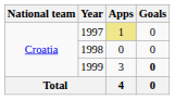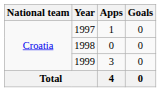 <table class="wikitable" style="text-align:center">
 <tr>
 <th>National team</th>
 <th>Year</th>
 <th>Apps</th>
 <th>Goals</th>
 </tr>
 <tr>
 <td rowspan="3"><a href='#'>Croatia</a></td>
 <td>1997</td>
-<td style="background: khaki;">1</td>
+<td>1</td>
 <td>0</td>
 </tr>
 <tr>
 <td>1998</td>
 <td>0</td>
 <td>0</td>
 </tr>
 <tr>
 <td>1999</td>
 <td>3</td>
-<td><strong>0</strong></td>
+<td>0</td>
 </tr>
 <tr>
 <th colspan="2">Total</th>
 <th>4</th>
 <th>0</th>
 </tr>
 </table>
